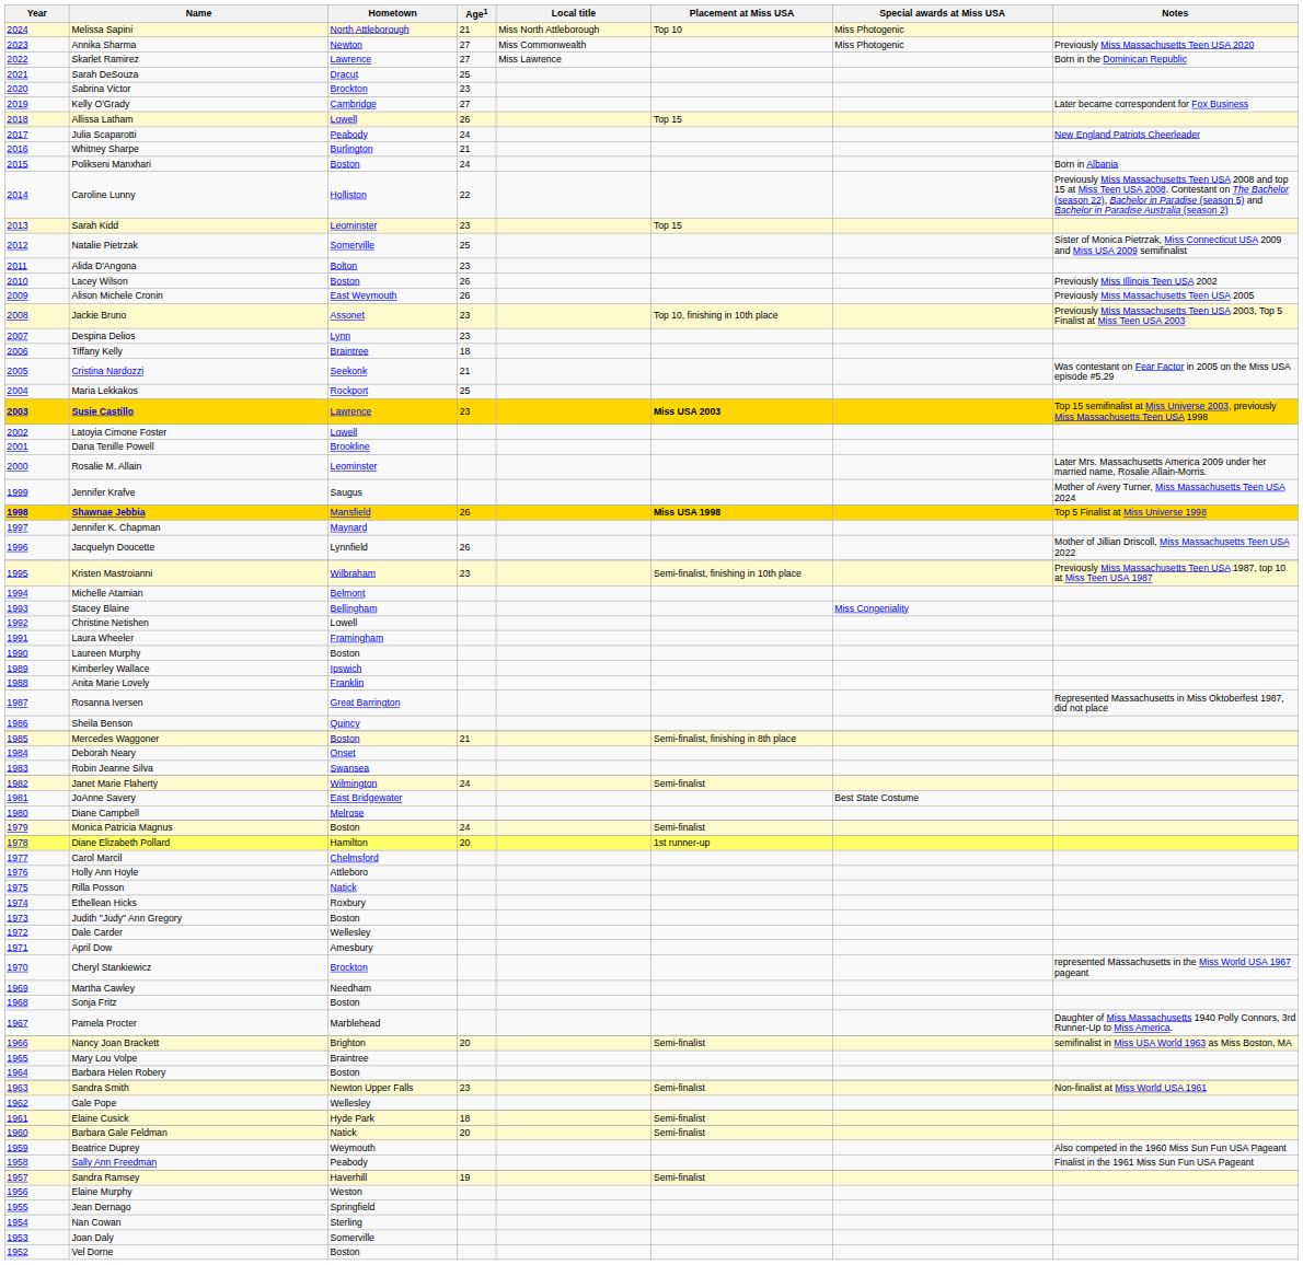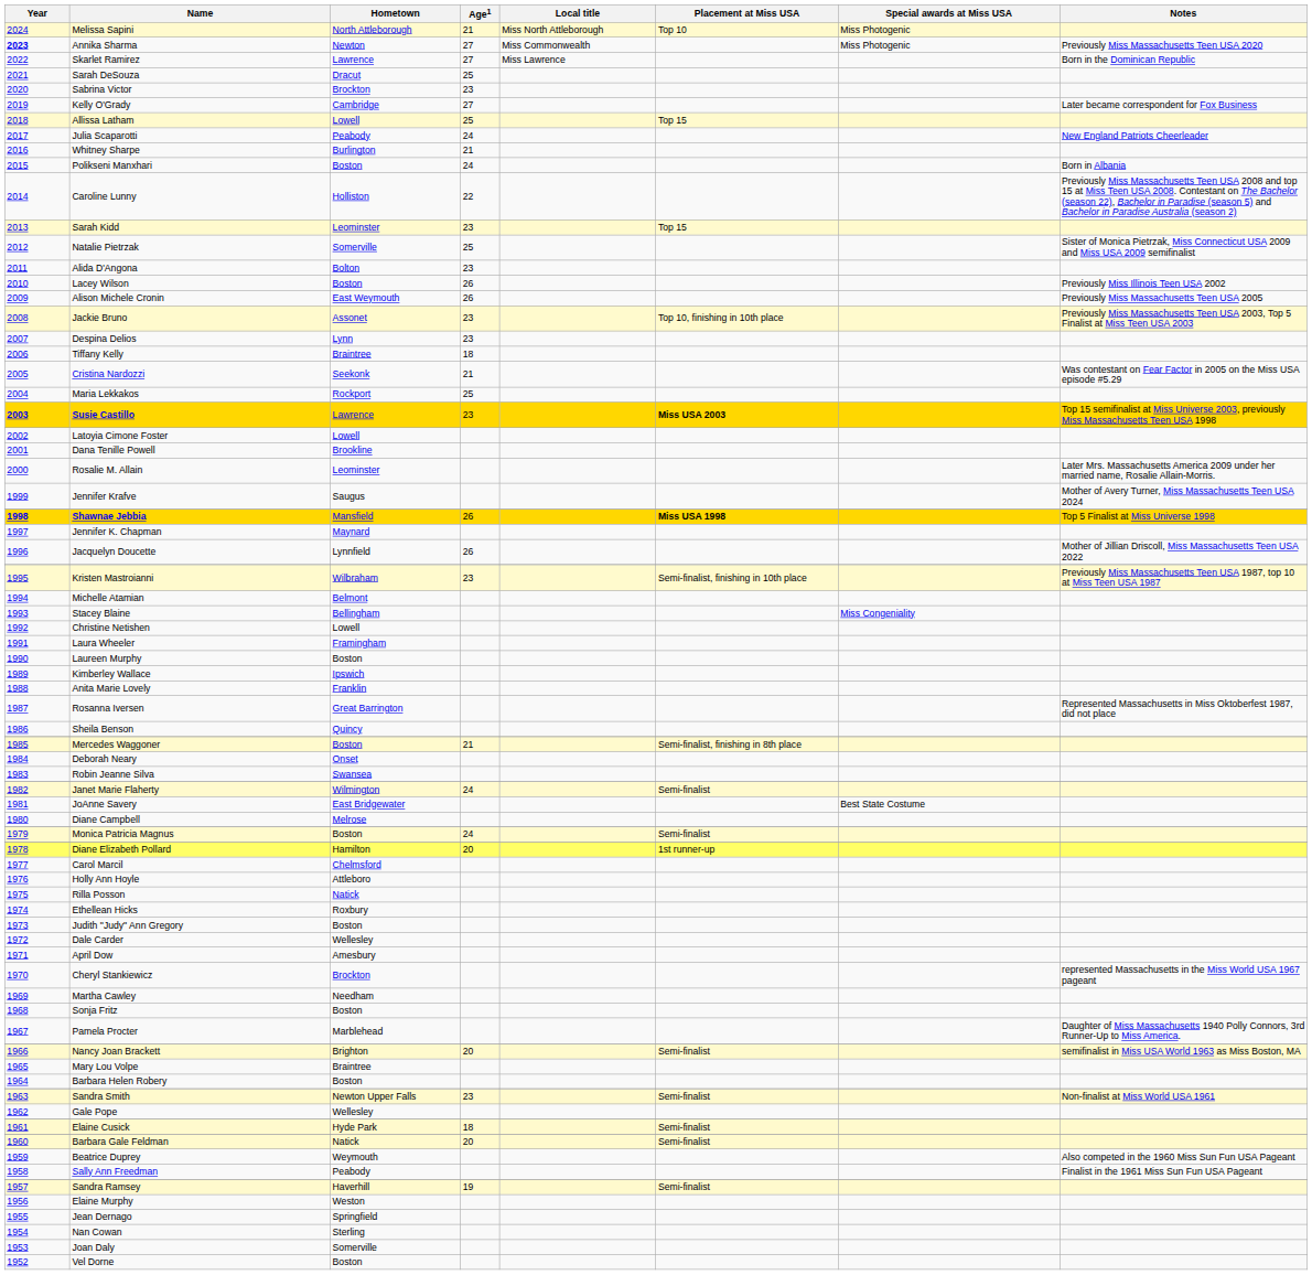 <table class="wikitable"style="font-size:90%;">
 <tr bgcolor="#efefef">
 <th width=5%>Year</th>
 <th width=20%>Name</th>
 <th width=10%>Hometown</th>
 <th width=3%>Age<sup>1</sup></th>
 <th width=12%>Local title</th>
 <th width=14%>Placement at Miss USA</th>
 <th width=17%>Special awards at Miss USA</th>
 <th width=31%>Notes</th>
 </tr>
 <tr style="background-color:#FFFACD;”">
 <td><a href='#'>2024</a></td>
 <td>Melissa Sapini</td>
 <td><a href='#'>North Attleborough</a></td>
 <td>21</td>
 <td>Miss North Attleborough</td>
 <td>Top 10</td>
 <td>Miss Photogenic</td>
 <td></td>
 </tr>
 <tr>
-<td><a href='#'>2023</a></td>
+<td><strong><a href='#'>2023</a></strong></td>
 <td>Annika Sharma</td>
 <td><a href='#'>Newton</a></td>
 <td>27</td>
 <td>Miss Commonwealth</td>
 <td></td>
 <td>Miss Photogenic</td>
 <td>Previously <a href='#'>Miss Massachusetts Teen USA 2020</a></td>
 </tr>
 <tr>
 <td><a href='#'>2022</a></td>
 <td>Skarlet Ramirez</td>
 <td><a href='#'>Lawrence</a></td>
 <td>27</td>
 <td>Miss Lawrence</td>
 <td></td>
 <td></td>
 <td>Born in the <a href='#'>Dominican Republic</a></td>
 </tr>
 <tr>
 <td><a href='#'>2021</a></td>
 <td>Sarah DeSouza</td>
 <td><a href='#'>Dracut</a></td>
 <td>25</td>
 <td></td>
 <td></td>
 <td></td>
 <td></td>
 </tr>
 <tr>
 <td><a href='#'>2020</a></td>
 <td>Sabrina Victor</td>
 <td><a href='#'>Brockton</a></td>
 <td>23</td>
 <td></td>
 <td></td>
 <td></td>
 <td></td>
 </tr>
 <tr>
 <td><a href='#'>2019</a></td>
 <td>Kelly O'Grady</td>
 <td><a href='#'>Cambridge</a></td>
 <td>27</td>
 <td></td>
 <td></td>
 <td></td>
 <td>Later became correspondent for <a href='#'>Fox Business</a></td>
 </tr>
 <tr style="background-color:#FFFACD;">
 <td><a href='#'>2018</a></td>
 <td>Allissa Latham</td>
 <td><a href='#'>Lowell</a></td>
-<td>26</td>
+<td>25</td>
 <td></td>
 <td>Top 15</td>
 <td></td>
 <td></td>
 </tr>
 <tr>
 <td><a href='#'>2017</a></td>
 <td>Julia Scaparotti</td>
 <td><a href='#'>Peabody</a></td>
 <td>24</td>
 <td></td>
 <td></td>
 <td></td>
 <td><a href='#'>New England Patriots Cheerleader</a></td>
 </tr>
 <tr>
 <td><a href='#'>2016</a></td>
 <td>Whitney Sharpe</td>
 <td><a href='#'>Burlington</a></td>
 <td>21</td>
 <td></td>
 <td></td>
 <td></td>
 <td></td>
 </tr>
 <tr>
 <td><a href='#'>2015</a></td>
 <td>Polikseni Manxhari</td>
 <td><a href='#'>Boston</a></td>
 <td>24</td>
 <td></td>
 <td></td>
 <td></td>
 <td>Born in <a href='#'>Albania</a></td>
 </tr>
 <tr>
 <td><a href='#'>2014</a></td>
 <td>Caroline Lunny</td>
 <td><a href='#'>Holliston</a></td>
 <td>22</td>
 <td></td>
 <td></td>
 <td></td>
 <td>Previously <a href='#'>Miss Massachusetts Teen USA</a> 2008 and top 15 at <a href='#'>Miss Teen USA 2008</a>. Contestant on <a href='#'><em>The Bachelor</em> (season 22)</a>, <a href='#'><em>Bachelor in Paradise</em> (season 5)</a> and <a href='#'><em>Bachelor in Paradise Australia</em> (season 2)</a></td>
 </tr>
 <tr style="background-color:#FFFACD;">
 <td><a href='#'>2013</a></td>
 <td>Sarah Kidd</td>
 <td><a href='#'>Leominster</a></td>
 <td>23</td>
 <td></td>
 <td>Top 15</td>
 <td></td>
 <td></td>
 </tr>
 <tr>
 <td><a href='#'>2012</a></td>
 <td>Natalie Pietrzak</td>
 <td><a href='#'>Somerville</a></td>
 <td>25</td>
 <td></td>
 <td></td>
 <td></td>
 <td>Sister of Monica Pietrzak, <a href='#'>Miss Connecticut USA</a> 2009 and <a href='#'>Miss USA 2009</a> semifinalist</td>
 </tr>
 <tr>
 <td><a href='#'>2011</a></td>
 <td>Alida D'Angona</td>
 <td><a href='#'>Bolton</a></td>
 <td>23</td>
 <td></td>
 <td></td>
 <td></td>
 <td></td>
 </tr>
 <tr>
 <td><a href='#'>2010</a></td>
 <td>Lacey Wilson</td>
 <td><a href='#'>Boston</a></td>
 <td>26</td>
 <td></td>
 <td></td>
 <td></td>
 <td>Previously <a href='#'>Miss Illinois Teen USA</a> 2002</td>
 </tr>
 <tr>
 <td><a href='#'>2009</a></td>
 <td>Alison Michele Cronin</td>
 <td><a href='#'>East Weymouth</a></td>
 <td>26</td>
 <td></td>
 <td></td>
 <td></td>
 <td>Previously <a href='#'>Miss Massachusetts Teen USA</a> 2005</td>
 </tr>
 <tr style="background-color:#FFFACD;">
 <td><a href='#'>2008</a></td>
 <td>Jackie Bruno</td>
 <td><a href='#'>Assonet</a></td>
 <td>23</td>
 <td></td>
 <td>Top 10, finishing in 10th place</td>
 <td></td>
 <td>Previously <a href='#'>Miss Massachusetts Teen USA</a> 2003, Top 5 Finalist at <a href='#'>Miss Teen USA 2003</a></td>
 </tr>
 <tr>
 <td><a href='#'>2007</a></td>
 <td>Despina Delios</td>
 <td><a href='#'>Lynn</a></td>
 <td>23</td>
 <td></td>
 <td></td>
 <td></td>
 <td></td>
 </tr>
 <tr>
 <td><a href='#'>2006</a></td>
 <td>Tiffany Kelly</td>
 <td><a href='#'>Braintree</a></td>
 <td>18</td>
 <td></td>
 <td></td>
 <td></td>
 <td></td>
 </tr>
 <tr>
 <td><a href='#'>2005</a></td>
 <td><a href='#'>Cristina Nardozzi</a></td>
 <td><a href='#'>Seekonk</a></td>
 <td>21</td>
 <td></td>
 <td></td>
 <td></td>
 <td>Was contestant on <a href='#'>Fear Factor</a> in 2005 on the Miss USA episode #5.29</td>
 </tr>
 <tr>
 <td><a href='#'>2004</a></td>
 <td>Maria Lekkakos</td>
 <td><a href='#'>Rockport</a></td>
 <td>25</td>
 <td></td>
 <td></td>
 <td></td>
 <td></td>
 </tr>
 <tr style="background-color:GOLD;">
 <td><strong><a href='#'>2003</a></strong></td>
 <td><strong><a href='#'>Susie Castillo</a></strong></td>
 <td><a href='#'>Lawrence</a></td>
 <td>23</td>
 <td></td>
 <td><strong>Miss USA 2003</strong></td>
 <td></td>
 <td>Top 15 semifinalist at <a href='#'>Miss Universe 2003</a>, previously <a href='#'>Miss Massachusetts Teen USA</a> 1998</td>
 </tr>
 <tr>
 <td><a href='#'>2002</a></td>
 <td>Latoyia Cimone Foster</td>
 <td><a href='#'>Lowell</a></td>
 <td></td>
 <td></td>
 <td></td>
 <td></td>
 <td></td>
 </tr>
 <tr>
 <td><a href='#'>2001</a></td>
 <td>Dana Tenille Powell</td>
 <td><a href='#'>Brookline</a></td>
 <td></td>
 <td></td>
 <td></td>
 <td></td>
 <td></td>
 </tr>
 <tr>
 <td><a href='#'>2000</a></td>
 <td>Rosalie M. Allain</td>
 <td><a href='#'>Leominster</a></td>
 <td></td>
 <td></td>
 <td></td>
 <td></td>
 <td>Later Mrs. Massachusetts America 2009 under her married name, Rosalie Allain-Morris.</td>
 </tr>
 <tr>
 <td><a href='#'>1999</a></td>
 <td>Jennifer Krafve</td>
 <td>Saugus</td>
 <td></td>
 <td></td>
 <td></td>
 <td></td>
 <td>Mother of Avery Turner, <a href='#'>Miss Massachusetts Teen USA</a> 2024</td>
 </tr>
 <tr>
 </tr>
 <tr style="background-color:GOLD;">
 <td><strong><a href='#'>1998</a></strong></td>
 <td><strong><a href='#'>Shawnae Jebbia</a></strong></td>
 <td><a href='#'>Mansfield</a></td>
 <td>26</td>
 <td></td>
 <td><strong>Miss USA 1998</strong></td>
 <td></td>
 <td>Top 5 Finalist at <a href='#'>Miss Universe 1998</a></td>
 </tr>
 <tr>
 <td><a href='#'>1997</a></td>
 <td>Jennifer K. Chapman</td>
 <td><a href='#'>Maynard</a></td>
 <td></td>
 <td></td>
 <td></td>
 <td></td>
 <td></td>
 </tr>
 <tr>
 <td><a href='#'>1996</a></td>
 <td>Jacquelyn Doucette</td>
 <td>Lynnfield</td>
 <td>26</td>
 <td></td>
 <td></td>
 <td></td>
 <td>Mother of Jillian Driscoll, <a href='#'>Miss Massachusetts Teen USA</a> 2022</td>
 </tr>
 <tr>
 </tr>
 <tr style="background-color:#FFFACD;">
 <td><a href='#'>1995</a></td>
 <td>Kristen Mastroianni</td>
 <td><a href='#'>Wilbraham</a></td>
 <td>23</td>
 <td></td>
 <td>Semi-finalist, finishing in 10th place</td>
 <td></td>
 <td>Previously <a href='#'>Miss Massachusetts Teen USA</a> 1987, top 10 at <a href='#'>Miss Teen USA 1987</a></td>
 </tr>
 <tr>
 <td><a href='#'>1994</a></td>
 <td>Michelle Atamian</td>
 <td><a href='#'>Belmont</a></td>
 <td></td>
 <td></td>
 <td></td>
 <td></td>
 <td></td>
 </tr>
 <tr>
 <td><a href='#'>1993</a></td>
 <td>Stacey Blaine</td>
 <td><a href='#'>Bellingham</a></td>
 <td></td>
 <td></td>
 <td></td>
 <td><a href='#'>Miss Congeniality</a></td>
 <td></td>
 </tr>
 <tr>
 <td><a href='#'>1992</a></td>
 <td>Christine Netishen</td>
 <td>Lowell</td>
 <td></td>
 <td></td>
 <td></td>
 <td></td>
 <td></td>
 </tr>
 <tr>
 <td><a href='#'>1991</a></td>
 <td>Laura Wheeler</td>
 <td><a href='#'>Framingham</a></td>
 <td></td>
 <td></td>
 <td></td>
 <td></td>
 <td></td>
 </tr>
 <tr>
 <td><a href='#'>1990</a></td>
 <td>Laureen Murphy</td>
 <td>Boston</td>
 <td></td>
 <td></td>
 <td></td>
 <td></td>
 <td></td>
 </tr>
 <tr>
 <td><a href='#'>1989</a></td>
 <td>Kimberley Wallace</td>
 <td><a href='#'>Ipswich</a></td>
 <td></td>
 <td></td>
 <td></td>
 <td></td>
 <td></td>
 </tr>
 <tr>
 <td><a href='#'>1988</a></td>
 <td>Anita Marie Lovely</td>
 <td><a href='#'>Franklin</a></td>
 <td></td>
 <td></td>
 <td></td>
 <td></td>
 <td></td>
 </tr>
 <tr>
 <td><a href='#'>1987</a></td>
 <td>Rosanna Iversen</td>
 <td><a href='#'>Great Barrington</a></td>
 <td></td>
 <td></td>
 <td></td>
 <td></td>
 <td>Represented Massachusetts in Miss Oktoberfest 1987, did not place</td>
 </tr>
 <tr>
 <td><a href='#'>1986</a></td>
 <td>Sheila Benson</td>
 <td><a href='#'>Quincy</a></td>
 <td></td>
 <td></td>
 <td></td>
 <td></td>
 <td></td>
 </tr>
 <tr>
 </tr>
 <tr style="background-color:#FFFACD;">
 <td><a href='#'>1985</a></td>
 <td>Mercedes Waggoner</td>
 <td><a href='#'>Boston</a></td>
 <td>21</td>
 <td></td>
 <td>Semi-finalist, finishing in 8th place</td>
 <td></td>
 <td></td>
 </tr>
 <tr>
 <td><a href='#'>1984</a></td>
 <td>Deborah Neary</td>
 <td><a href='#'>Onset</a></td>
 <td></td>
 <td></td>
 <td></td>
 <td></td>
 <td></td>
 </tr>
 <tr>
 <td><a href='#'>1983</a></td>
 <td>Robin Jeanne Silva</td>
 <td><a href='#'>Swansea</a></td>
 <td></td>
 <td></td>
 <td></td>
 <td></td>
 <td></td>
 </tr>
 <tr>
 </tr>
 <tr style="background-color:#FFFACD;">
 <td><a href='#'>1982</a></td>
 <td>Janet Marie Flaherty</td>
 <td><a href='#'>Wilmington</a></td>
 <td>24</td>
 <td></td>
 <td>Semi-finalist</td>
 <td></td>
 <td></td>
 </tr>
 <tr>
 <td><a href='#'>1981</a></td>
 <td>JoAnne Savery</td>
 <td><a href='#'>East Bridgewater</a></td>
 <td></td>
 <td></td>
 <td></td>
 <td>Best State Costume</td>
 <td></td>
 </tr>
 <tr>
 <td><a href='#'>1980</a></td>
 <td>Diane Campbell</td>
 <td><a href='#'>Melrose</a></td>
 <td></td>
 <td></td>
 <td></td>
 <td></td>
 <td></td>
 </tr>
 <tr>
 </tr>
 <tr style="background-color:#FFFACD;">
 <td><a href='#'>1979</a></td>
 <td>Monica Patricia Magnus</td>
 <td>Boston</td>
 <td>24</td>
 <td></td>
 <td>Semi-finalist</td>
 <td></td>
 <td></td>
 </tr>
 <tr>
 </tr>
 <tr style="background-color:#FFFF66;">
 <td><a href='#'>1978</a></td>
 <td>Diane Elizabeth Pollard</td>
 <td>Hamilton</td>
 <td>20</td>
 <td></td>
 <td>1st runner-up</td>
 <td></td>
 <td></td>
 </tr>
 <tr>
 <td><a href='#'>1977</a></td>
 <td>Carol Marcil</td>
 <td><a href='#'>Chelmsford</a></td>
 <td></td>
 <td></td>
 <td></td>
 <td></td>
 <td></td>
 </tr>
 <tr>
 <td><a href='#'>1976</a></td>
 <td>Holly Ann Hoyle</td>
 <td>Attleboro</td>
 <td></td>
 <td></td>
 <td></td>
 <td></td>
 <td></td>
 </tr>
 <tr>
 <td><a href='#'>1975</a></td>
 <td>Rilla Posson</td>
 <td><a href='#'>Natick</a></td>
 <td></td>
 <td></td>
 <td></td>
 <td></td>
 <td></td>
 </tr>
 <tr>
 <td><a href='#'>1974</a></td>
 <td>Ethellean Hicks</td>
 <td>Roxbury</td>
 <td></td>
 <td></td>
 <td></td>
 <td></td>
 <td></td>
 </tr>
 <tr>
 <td><a href='#'>1973</a></td>
 <td>Judith "Judy" Ann Gregory</td>
 <td>Boston</td>
 <td></td>
 <td></td>
 <td></td>
 <td></td>
 <td></td>
 </tr>
 <tr>
 <td><a href='#'>1972</a></td>
 <td>Dale Carder</td>
 <td>Wellesley</td>
 <td></td>
 <td></td>
 <td></td>
 <td></td>
 <td></td>
 </tr>
 <tr>
 <td><a href='#'>1971</a></td>
 <td>April Dow</td>
 <td>Amesbury</td>
 <td></td>
 <td></td>
 <td></td>
 <td></td>
 <td></td>
 </tr>
 <tr>
 <td><a href='#'>1970</a></td>
 <td>Cheryl Stankiewicz</td>
 <td><a href='#'>Brockton</a></td>
 <td></td>
 <td></td>
 <td></td>
 <td></td>
 <td>represented Massachusetts in the <a href='#'>Miss World USA 1967</a> pageant</td>
 </tr>
 <tr>
 <td><a href='#'>1969</a></td>
 <td>Martha Cawley</td>
 <td>Needham</td>
 <td></td>
 <td></td>
 <td></td>
 <td></td>
 <td></td>
 </tr>
 <tr>
 <td><a href='#'>1968</a></td>
 <td>Sonja Fritz</td>
 <td>Boston</td>
 <td></td>
 <td></td>
 <td></td>
 <td></td>
 <td></td>
 </tr>
 <tr>
 <td><a href='#'>1967</a></td>
 <td>Pamela Procter</td>
 <td>Marblehead</td>
 <td></td>
 <td></td>
 <td></td>
 <td></td>
 <td>Daughter of <a href='#'>Miss Massachusetts</a> 1940 Polly  Connors, 3rd Runner-Up to <a href='#'>Miss America</a>.</td>
 </tr>
 <tr>
 </tr>
 <tr style="background-color:#FFFACD;">
 <td><a href='#'>1966</a></td>
 <td>Nancy Joan Brackett</td>
 <td>Brighton</td>
 <td>20</td>
 <td></td>
 <td>Semi-finalist</td>
 <td></td>
 <td>semifinalist in <a href='#'>Miss USA World 1963</a> as Miss Boston, MA</td>
 </tr>
 <tr>
 <td><a href='#'>1965</a></td>
 <td>Mary Lou Volpe</td>
 <td>Braintree</td>
 <td></td>
 <td></td>
 <td></td>
 <td></td>
 <td></td>
 </tr>
 <tr>
 <td><a href='#'>1964</a></td>
 <td>Barbara Helen Robery</td>
 <td>Boston</td>
 <td></td>
 <td></td>
 <td></td>
 <td></td>
 <td></td>
 </tr>
 <tr>
 </tr>
 <tr style="background-color:#FFFACD;">
 <td><a href='#'>1963</a></td>
 <td>Sandra Smith</td>
 <td>Newton Upper Falls</td>
 <td>23</td>
 <td></td>
 <td>Semi-finalist</td>
 <td></td>
 <td>Non-finalist at <a href='#'>Miss World USA 1961</a></td>
 </tr>
 <tr>
 <td><a href='#'>1962</a></td>
 <td>Gale Pope</td>
 <td>Wellesley</td>
 <td></td>
 <td></td>
 <td></td>
 <td></td>
 <td></td>
 </tr>
 <tr>
 </tr>
 <tr style="background-color:#FFFACD;">
 <td><a href='#'>1961</a></td>
 <td>Elaine Cusick</td>
 <td>Hyde Park</td>
 <td>18</td>
 <td></td>
 <td>Semi-finalist</td>
 <td></td>
 <td></td>
 </tr>
 <tr>
 </tr>
 <tr style="background-color:#FFFACD;">
 <td><a href='#'>1960</a></td>
 <td>Barbara Gale Feldman</td>
 <td>Natick</td>
 <td>20</td>
 <td></td>
 <td>Semi-finalist</td>
 <td></td>
 <td></td>
 </tr>
 <tr>
 <td><a href='#'>1959</a></td>
 <td>Beatrice Duprey</td>
 <td>Weymouth</td>
 <td></td>
 <td></td>
 <td></td>
 <td></td>
 <td>Also competed in the 1960 Miss Sun Fun USA Pageant</td>
 </tr>
 <tr>
 <td><a href='#'>1958</a></td>
 <td><a href='#'>Sally Ann Freedman</a></td>
 <td>Peabody</td>
 <td></td>
 <td></td>
 <td></td>
 <td></td>
 <td>Finalist in the 1961 Miss Sun Fun USA Pageant</td>
 </tr>
 <tr>
 </tr>
 <tr style="background-color:#FFFACD;">
 <td><a href='#'>1957</a></td>
 <td>Sandra Ramsey</td>
 <td>Haverhill</td>
 <td>19</td>
 <td></td>
 <td>Semi-finalist</td>
 <td></td>
 <td></td>
 </tr>
 <tr>
 <td><a href='#'>1956</a></td>
 <td>Elaine Murphy</td>
 <td>Weston</td>
 <td></td>
 <td></td>
 <td></td>
 <td></td>
 <td></td>
 </tr>
 <tr>
 <td><a href='#'>1955</a></td>
 <td>Jean Dernago</td>
 <td>Springfield</td>
 <td></td>
 <td></td>
 <td></td>
 <td></td>
 <td></td>
 </tr>
 <tr>
 <td><a href='#'>1954</a></td>
 <td>Nan Cowan</td>
 <td>Sterling</td>
 <td></td>
 <td></td>
 <td></td>
 <td></td>
 <td></td>
 </tr>
 <tr>
 <td><a href='#'>1953</a></td>
 <td>Joan Daly</td>
 <td>Somerville</td>
 <td></td>
 <td></td>
 <td></td>
 <td></td>
 <td></td>
 </tr>
 <tr>
 <td><a href='#'>1952</a></td>
 <td>Vel Dorne</td>
 <td>Boston</td>
 <td></td>
 <td></td>
 <td></td>
 <td></td>
 <td></td>
 </tr>
 </table>
